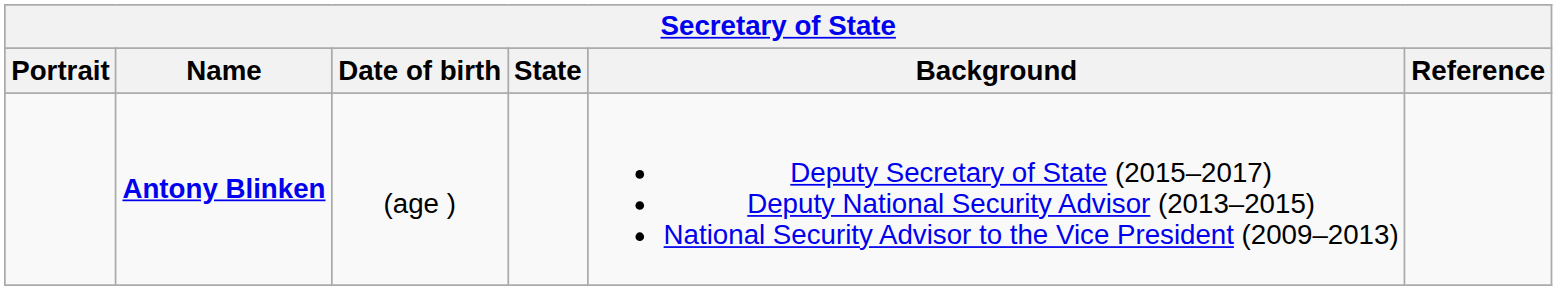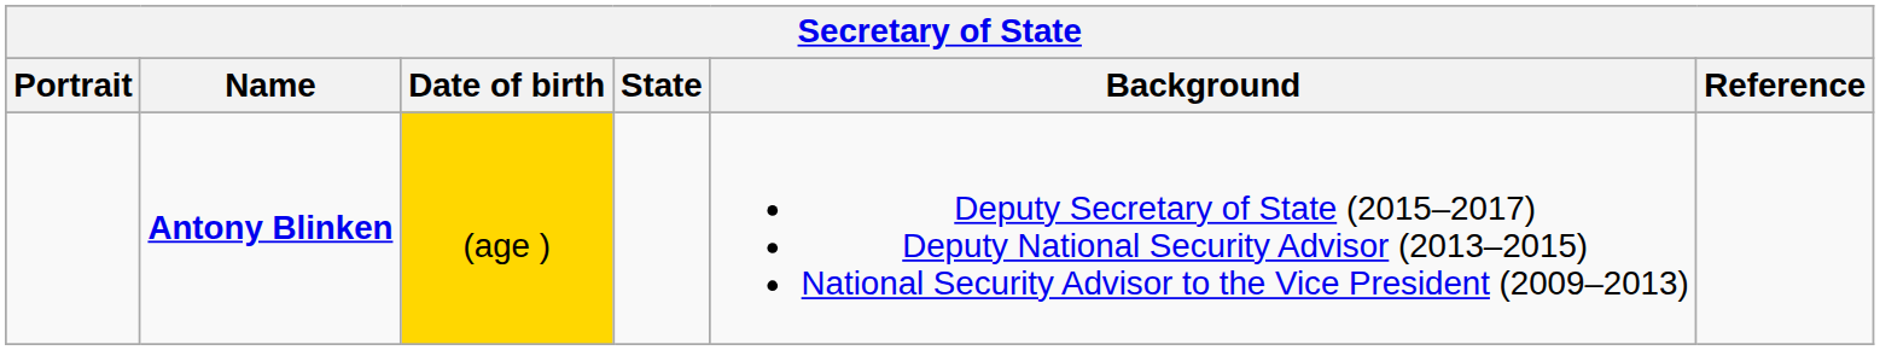 <table class="wikitable collapsible" style="text-align:center;">
 <tr>
 <th colspan="6"><a href='#'>Secretary of State</a></th>
 </tr>
 <tr>
 <th>Portrait</th>
 <th>Name</th>
 <th>Date of birth</th>
 <th>State</th>
 <th>Background</th>
 <th>Reference</th>
 </tr>
 <tr>
 <td></td>
 <td><strong><a href='#'>Antony Blinken</a></strong></td>
-<td><br>(age )</td>
+<td style="background: gold;"><br>(age )</td>
 <td></td>
 <td><br><ul><li><a href='#'>Deputy Secretary of State</a> (2015–2017)</li><li><a href='#'>Deputy National Security Advisor</a> (2013–2015)</li><li><a href='#'>National Security Advisor to the Vice President</a> (2009–2013)</li></ul></td>
 <td></td>
 </tr>
 </table>
